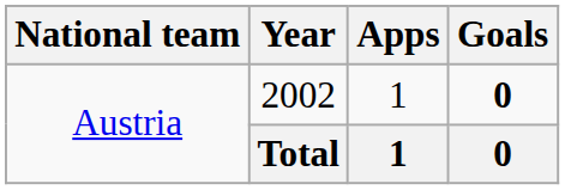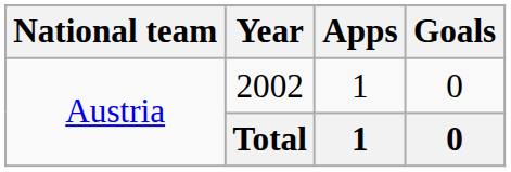 <table class="wikitable" style="text-align:center">
 <tr>
 <th>National team</th>
 <th>Year</th>
 <th>Apps</th>
 <th>Goals</th>
 </tr>
 <tr>
 <td rowspan="2"><a href='#'>Austria</a></td>
 <td>2002</td>
 <td>1</td>
-<td><strong>0</strong></td>
+<td>0</td>
 </tr>
 <tr>
 <th>Total</th>
 <th>1</th>
 <th>0</th>
 </tr>
 </table>
